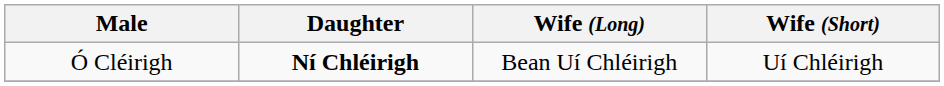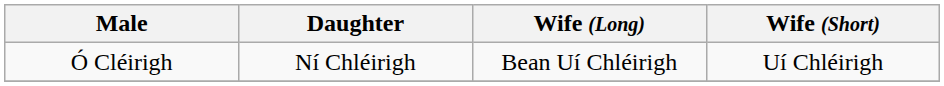 <table class="wikitable" style="text-align:right">
 <tr>
 <th width=20%>Male</th>
 <th width=20%>Daughter</th>
 <th width=20%>Wife <em><small>(Long)</small></em></th>
 <th width=20%>Wife <em><small>(Short)</small></em></th>
 </tr>
 <tr>
 <td align="center">Ó Cléirigh</td>
-<td align="center"><strong>Ní Chléirigh</strong></td>
+<td align="center">Ní Chléirigh</td>
 <td align="center">Bean Uí Chléirigh</td>
 <td align="center">Uí Chléirigh</td>
 </tr>
 <tr>
 </tr>
 </table>
